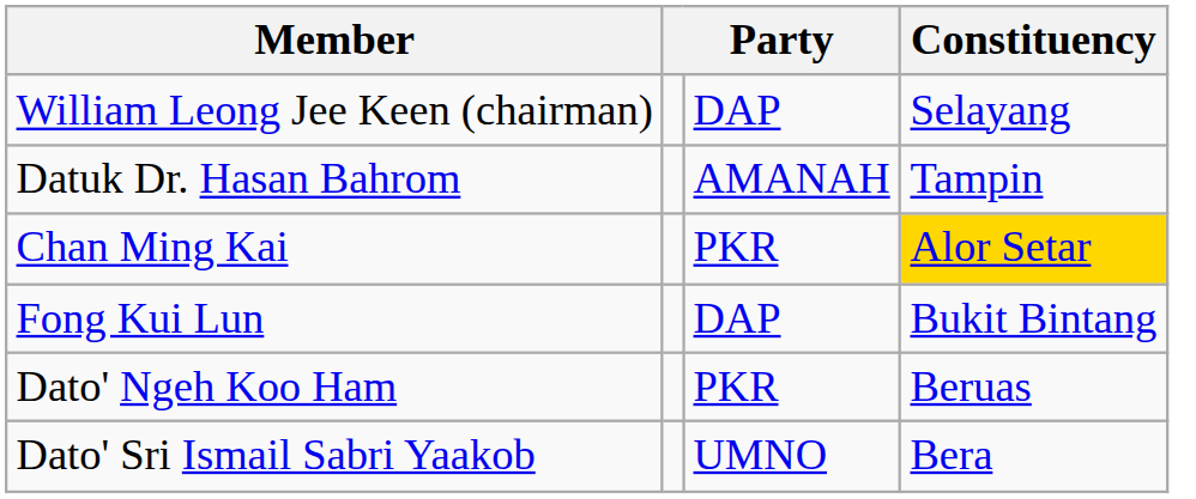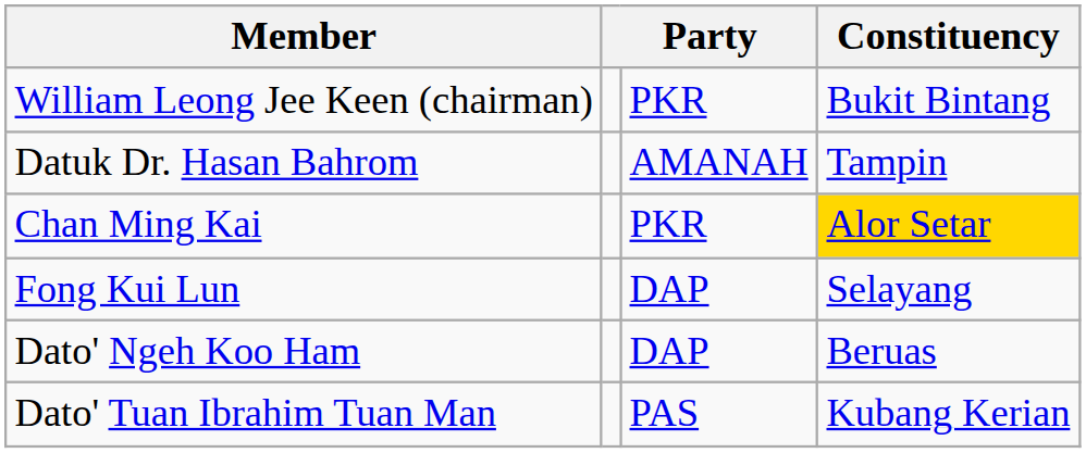 <table class="sortable wikitable">
 <tr>
 <th valign="top">Member</th>
 <th colspan="2" valign="top">Party</th>
 <th valign="top">Constituency</th>
 </tr>
 <tr>
 <td><a href='#'>William Leong</a> Jee Keen  (chairman)</td>
 <td></td>
-<td><a href='#'>DAP</a></td>
-<td><a href='#'>Selayang</a></td>
+<td><a href='#'>PKR</a></td>
+<td><a href='#'>Bukit Bintang</a></td>
 </tr>
 <tr>
 <td>Datuk Dr. <a href='#'>Hasan Bahrom</a> </td>
 <td></td>
 <td><a href='#'>AMANAH</a></td>
 <td><a href='#'>Tampin</a></td>
 </tr>
 <tr>
 <td><a href='#'>Chan Ming Kai</a> </td>
 <td></td>
 <td><a href='#'>PKR</a></td>
 <td style="background: gold;"><a href='#'>Alor Setar</a></td>
 </tr>
 <tr>
 <td><a href='#'>Fong Kui Lun</a> </td>
 <td></td>
 <td><a href='#'>DAP</a></td>
-<td><a href='#'>Bukit Bintang</a></td>
+<td><a href='#'>Selayang</a></td>
 </tr>
 <tr>
 <td>Dato' <a href='#'>Ngeh Koo Ham</a> </td>
 <td></td>
-<td><a href='#'>PKR</a></td>
+<td><a href='#'>DAP</a></td>
 <td><a href='#'>Beruas</a></td>
 </tr>
 <tr>
-<td>Dato' Sri <a href='#'>Ismail Sabri Yaakob</a> </td>
+<td>Dato' <a href='#'>Tuan Ibrahim Tuan Man</a> </td>
 <td></td>
-<td><a href='#'>UMNO</a></td>
-<td><a href='#'>Bera</a></td>
+<td><a href='#'>PAS</a></td>
+<td><a href='#'>Kubang Kerian</a></td>
 </tr>
 </table>
